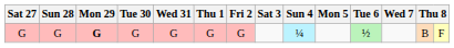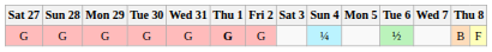 <table class="wikitable" style="margin:0.5em auto; font-size:90%; line-height:1.25em;text-align:center">
 <tr>
 <th>Sat 27</th>
 <th>Sun 28</th>
 <th>Mon 29</th>
 <th>Tue 30</th>
 <th>Wed 31</th>
 <th>Thu 1</th>
 <th>Fri 2</th>
 <th>Sat 3</th>
 <th>Sun 4</th>
 <th>Mon 5</th>
 <th>Tue 6</th>
 <th>Wed 7</th>
 <th colspan="2">Thu 8</th>
 </tr>
 <tr>
 <td bgcolor="#FFBBBB">G</td>
 <td bgcolor="#FFBBBB">G</td>
-<td bgcolor="#FFBBBB"><strong>G</strong></td>
 <td bgcolor="#FFBBBB">G</td>
 <td bgcolor="#FFBBBB">G</td>
 <td bgcolor="#FFBBBB">G</td>
+<td bgcolor="#FFBBBB"><strong>G</strong></td>
 <td bgcolor="#FFBBBB">G</td>
 <td></td>
 <td bgcolor="#BBF3FF">¼</td>
 <td></td>
 <td bgcolor="#BBF3BB">½</td>
 <td></td>
 <td bgcolor="#FEDCBA">B</td>
 <td bgcolor="#FFFFBB">F</td>
 </tr>
 </table>
